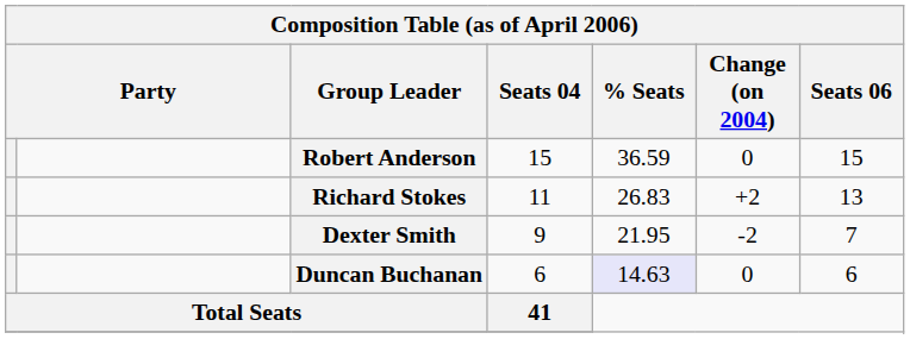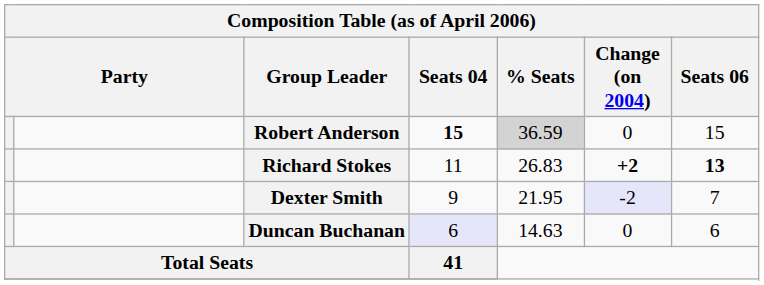 <table class="wikitable" style="font-size: 95%;">
 <tr style="background-color:#E9E9E9">
 <th colspan="7">Composition Table (as of April 2006)</th>
 </tr>
 <tr style="background-color:#E9E9E9">
 <th colspan="2">Party</th>
 <th align="center">Group Leader</th>
 <th style="width: 60px">Seats 04</th>
 <th style="width: 60px">% Seats</th>
 <th style="width: 60px">Change (on <a href='#'>2004</a>)</th>
 <th style="width: 60px">Seats 06</th>
 </tr>
 <tr>
 <th style="background-color: "></th>
 <td style="width: 170px"><a href='#'></a></td>
 <th align="center">Robert Anderson</th>
-<td align="center">15</td>
-<td align="center">36.59</td>
+<td align="center"><strong>15</strong></td>
+<td align="center" style="background: lightgrey;">36.59</td>
 <td align="center">0</td>
 <td align="center">15</td>
 </tr>
 <tr>
 <th style="background-color: "></th>
 <td style="width: 170px"></td>
 <th align="center">Richard Stokes</th>
 <td align="center">11</td>
 <td align="center">26.83</td>
-<td align="center">+2</td>
-<td align="center">13</td>
+<td align="center"><strong>+2</strong></td>
+<td align="center"><strong>13</strong></td>
 </tr>
 <tr>
 <th style="background-color: "></th>
 <td style="width: 170px"><a href='#'></a></td>
 <th align="center">Dexter Smith</th>
 <td align="center">9</td>
 <td align="center">21.95</td>
-<td align="center">-2</td>
+<td align="center" style="background: lavender;">-2</td>
 <td align="center">7</td>
 </tr>
 <tr>
 <th style="background-color: "></th>
 <td style="width: 170px"><a href='#'></a></td>
 <th align="center">Duncan Buchanan</th>
-<td align="center">6</td>
-<td align="center" style="background: lavender;">14.63</td>
+<td align="center" style="background: lavender;">6</td>
+<td align="center">14.63</td>
 <td align="center">0</td>
 <td align="center">6</td>
 </tr>
 <tr>
 <th colspan="3">Total Seats</th>
 <th style="width: 60px">41</th>
 </tr>
 <tr>
 </tr>
 </table>
